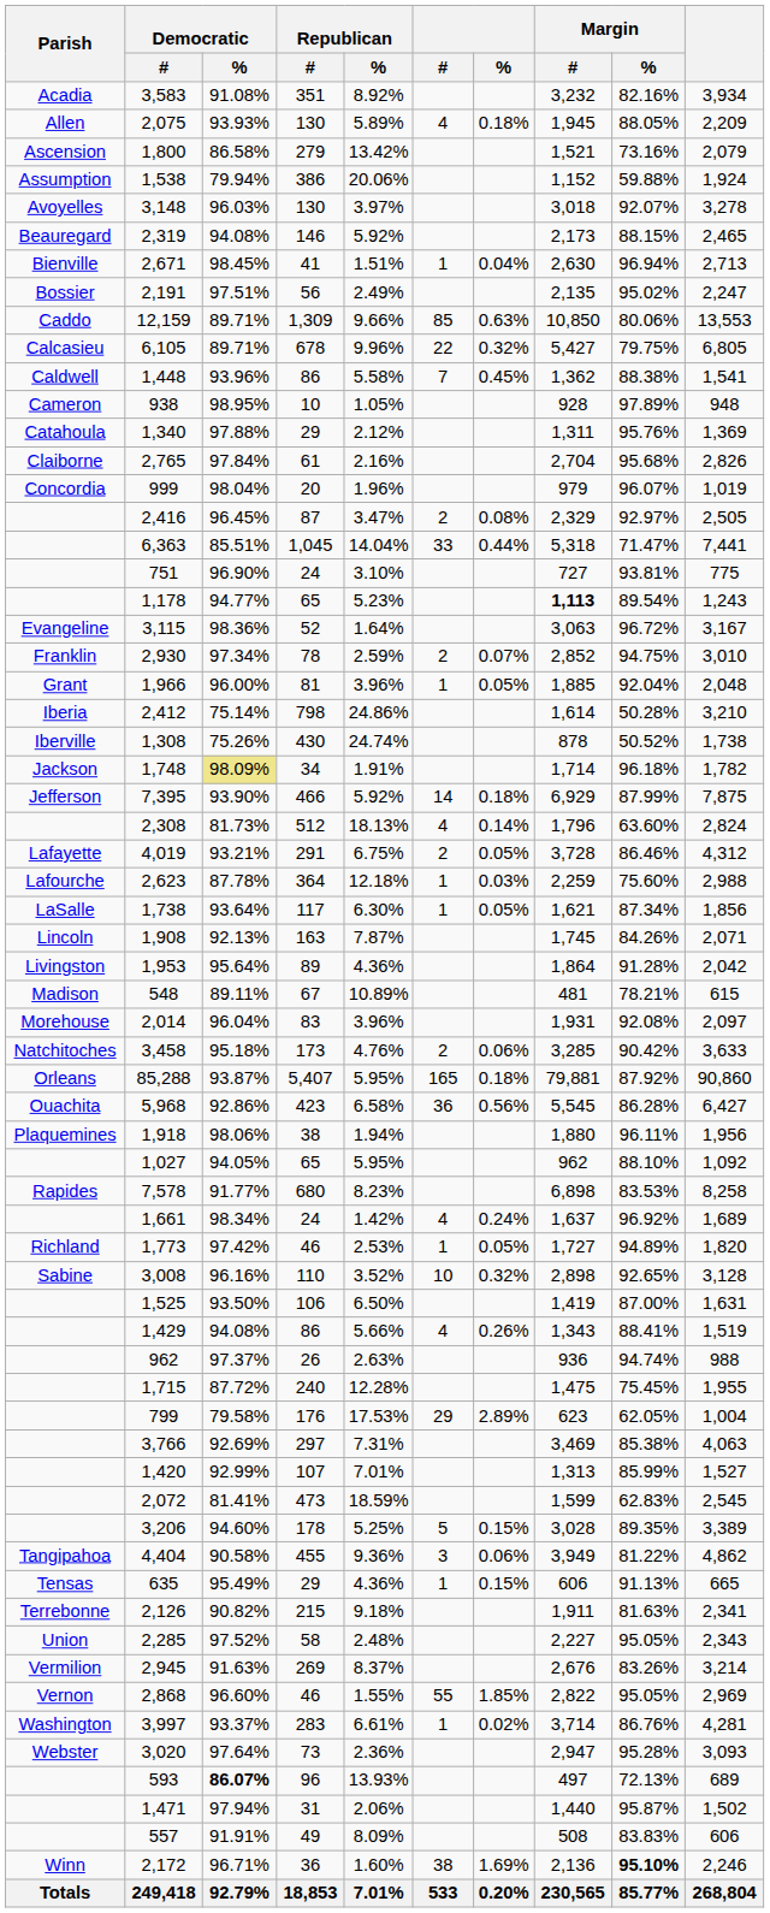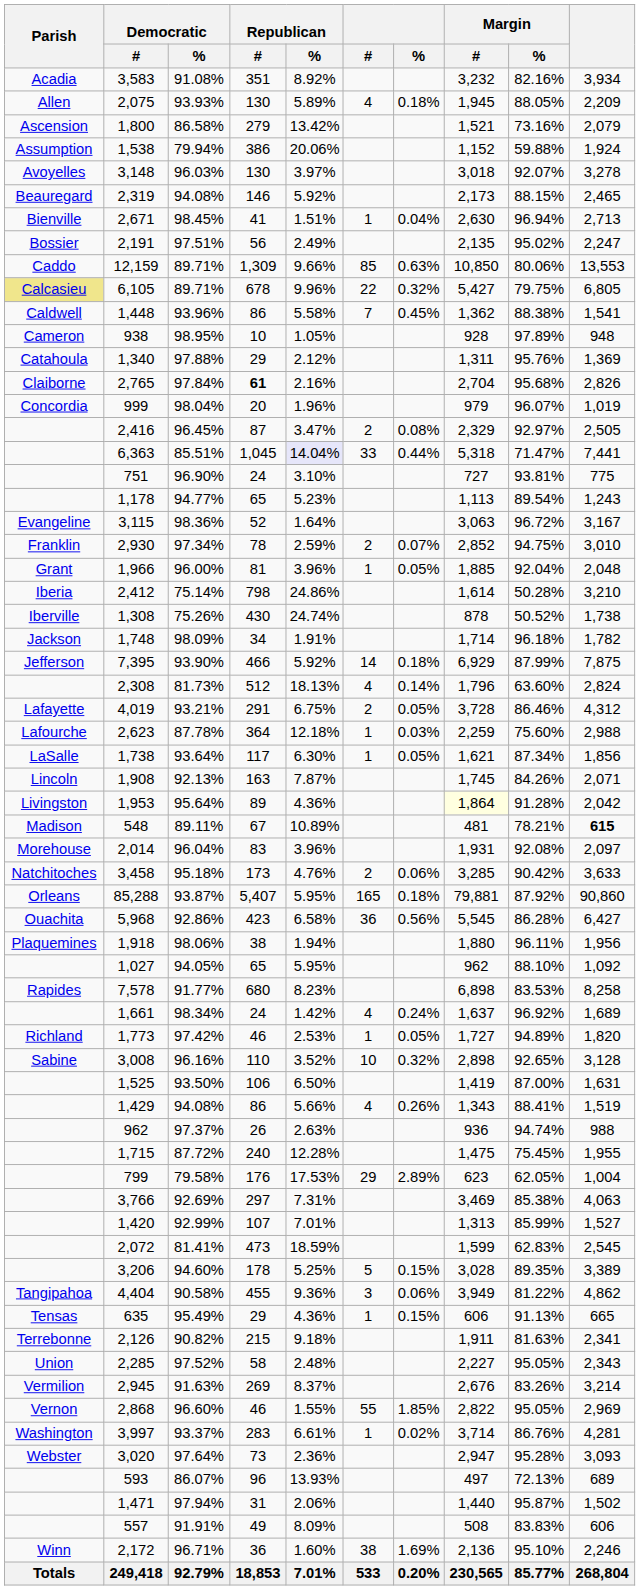 <table class="wikitable sortable mw-collapsible mw-collapsed">
 <tr>
 <th rowspan="2">Parish</th>
 <th colspan="2"><br>Democratic</th>
 <th colspan="2"><br>Republican</th>
 <th colspan="2"><br></th>
 <th colspan="2">Margin</th>
 <th rowspan="2"></th>
 </tr>
 <tr style="text-align:center;">
 <th data-sort-type="number">#</th>
 <th data-sort-type="number">%</th>
 <th width="9%" data-sort-type="number">#</th>
 <th width="9%" data-sort-type="number">%</th>
 <th width="8%" data-sort-type="number">#</th>
 <th width="8%" data-sort-type="number">%</th>
 <th data-sort-type="number">#</th>
 <th data-sort-type="number">%</th>
 </tr>
 <tr style="text-align:center;">
 <td><a href='#'>Acadia</a></td>
 <td>3,583</td>
 <td>91.08%</td>
 <td>351</td>
 <td>8.92%</td>
 <td></td>
 <td></td>
 <td>3,232</td>
 <td>82.16%</td>
 <td>3,934</td>
 </tr>
 <tr style="text-align:center;">
 <td><a href='#'>Allen</a></td>
 <td>2,075</td>
 <td>93.93%</td>
 <td>130</td>
 <td>5.89%</td>
 <td>4</td>
 <td>0.18%</td>
 <td>1,945</td>
 <td>88.05%</td>
 <td>2,209</td>
 </tr>
 <tr style="text-align:center;">
 <td><a href='#'>Ascension</a></td>
 <td>1,800</td>
 <td>86.58%</td>
 <td>279</td>
 <td>13.42%</td>
 <td></td>
 <td></td>
 <td>1,521</td>
 <td>73.16%</td>
 <td>2,079</td>
 </tr>
 <tr style="text-align:center;">
 <td><a href='#'>Assumption</a></td>
 <td>1,538</td>
 <td>79.94%</td>
 <td>386</td>
 <td>20.06%</td>
 <td></td>
 <td></td>
 <td>1,152</td>
 <td>59.88%</td>
 <td>1,924</td>
 </tr>
 <tr style="text-align:center;">
 <td><a href='#'>Avoyelles</a></td>
 <td>3,148</td>
 <td>96.03%</td>
 <td>130</td>
 <td>3.97%</td>
 <td></td>
 <td></td>
 <td>3,018</td>
 <td>92.07%</td>
 <td>3,278</td>
 </tr>
 <tr style="text-align:center;">
 <td><a href='#'>Beauregard</a></td>
 <td>2,319</td>
 <td>94.08%</td>
 <td>146</td>
 <td>5.92%</td>
 <td></td>
 <td></td>
 <td>2,173</td>
 <td>88.15%</td>
 <td>2,465</td>
 </tr>
 <tr style="text-align:center;">
 <td><a href='#'>Bienville</a></td>
 <td>2,671</td>
 <td>98.45%</td>
 <td>41</td>
 <td>1.51%</td>
 <td>1</td>
 <td>0.04%</td>
 <td>2,630</td>
 <td>96.94%</td>
 <td>2,713</td>
 </tr>
 <tr style="text-align:center;">
 <td><a href='#'>Bossier</a></td>
 <td>2,191</td>
 <td>97.51%</td>
 <td>56</td>
 <td>2.49%</td>
 <td></td>
 <td></td>
 <td>2,135</td>
 <td>95.02%</td>
 <td>2,247</td>
 </tr>
 <tr style="text-align:center;">
 <td><a href='#'>Caddo</a></td>
 <td>12,159</td>
 <td>89.71%</td>
 <td>1,309</td>
 <td>9.66%</td>
 <td>85</td>
 <td>0.63%</td>
 <td>10,850</td>
 <td>80.06%</td>
 <td>13,553</td>
 </tr>
 <tr style="text-align:center;">
-<td><a href='#'>Calcasieu</a></td>
+<td style="background: khaki;"><a href='#'>Calcasieu</a></td>
 <td>6,105</td>
 <td>89.71%</td>
 <td>678</td>
 <td>9.96%</td>
 <td>22</td>
 <td>0.32%</td>
 <td>5,427</td>
 <td>79.75%</td>
 <td>6,805</td>
 </tr>
 <tr style="text-align:center;">
 <td><a href='#'>Caldwell</a></td>
 <td>1,448</td>
 <td>93.96%</td>
 <td>86</td>
 <td>5.58%</td>
 <td>7</td>
 <td>0.45%</td>
 <td>1,362</td>
 <td>88.38%</td>
 <td>1,541</td>
 </tr>
 <tr style="text-align:center;">
 <td><a href='#'>Cameron</a></td>
 <td>938</td>
 <td>98.95%</td>
 <td>10</td>
 <td>1.05%</td>
 <td></td>
 <td></td>
 <td>928</td>
 <td>97.89%</td>
 <td>948</td>
 </tr>
 <tr style="text-align:center;">
 <td><a href='#'>Catahoula</a></td>
 <td>1,340</td>
 <td>97.88%</td>
 <td>29</td>
 <td>2.12%</td>
 <td></td>
 <td></td>
 <td>1,311</td>
 <td>95.76%</td>
 <td>1,369</td>
 </tr>
 <tr style="text-align:center;">
 <td><a href='#'>Claiborne</a></td>
 <td>2,765</td>
 <td>97.84%</td>
-<td>61</td>
+<td><strong>61</strong></td>
 <td>2.16%</td>
 <td></td>
 <td></td>
 <td>2,704</td>
 <td>95.68%</td>
 <td>2,826</td>
 </tr>
 <tr style="text-align:center;">
 <td><a href='#'>Concordia</a></td>
 <td>999</td>
 <td>98.04%</td>
 <td>20</td>
 <td>1.96%</td>
 <td></td>
 <td></td>
 <td>979</td>
 <td>96.07%</td>
 <td>1,019</td>
 </tr>
 <tr style="text-align:center;">
 <td></td>
 <td>2,416</td>
 <td>96.45%</td>
 <td>87</td>
 <td>3.47%</td>
 <td>2</td>
 <td>0.08%</td>
 <td>2,329</td>
 <td>92.97%</td>
 <td>2,505</td>
 </tr>
 <tr style="text-align:center;">
 <td></td>
 <td>6,363</td>
 <td>85.51%</td>
 <td>1,045</td>
-<td>14.04%</td>
+<td style="background: lavender;">14.04%</td>
 <td>33</td>
 <td>0.44%</td>
 <td>5,318</td>
 <td>71.47%</td>
 <td>7,441</td>
 </tr>
 <tr style="text-align:center;">
 <td></td>
 <td>751</td>
 <td>96.90%</td>
 <td>24</td>
 <td>3.10%</td>
 <td></td>
 <td></td>
 <td>727</td>
 <td>93.81%</td>
 <td>775</td>
 </tr>
 <tr style="text-align:center;">
 <td></td>
 <td>1,178</td>
 <td>94.77%</td>
 <td>65</td>
 <td>5.23%</td>
 <td></td>
 <td></td>
-<td><strong>1,113</strong></td>
+<td>1,113</td>
 <td>89.54%</td>
 <td>1,243</td>
 </tr>
 <tr style="text-align:center;">
 <td><a href='#'>Evangeline</a></td>
 <td>3,115</td>
 <td>98.36%</td>
 <td>52</td>
 <td>1.64%</td>
 <td></td>
 <td></td>
 <td>3,063</td>
 <td>96.72%</td>
 <td>3,167</td>
 </tr>
 <tr style="text-align:center;">
 <td><a href='#'>Franklin</a></td>
 <td>2,930</td>
 <td>97.34%</td>
 <td>78</td>
 <td>2.59%</td>
 <td>2</td>
 <td>0.07%</td>
 <td>2,852</td>
 <td>94.75%</td>
 <td>3,010</td>
 </tr>
 <tr style="text-align:center;">
 <td><a href='#'>Grant</a></td>
 <td>1,966</td>
 <td>96.00%</td>
 <td>81</td>
 <td>3.96%</td>
 <td>1</td>
 <td>0.05%</td>
 <td>1,885</td>
 <td>92.04%</td>
 <td>2,048</td>
 </tr>
 <tr style="text-align:center;">
 <td><a href='#'>Iberia</a></td>
 <td>2,412</td>
 <td>75.14%</td>
 <td>798</td>
 <td>24.86%</td>
 <td></td>
 <td></td>
 <td>1,614</td>
 <td>50.28%</td>
 <td>3,210</td>
 </tr>
 <tr style="text-align:center;">
 <td><a href='#'>Iberville</a></td>
 <td>1,308</td>
 <td>75.26%</td>
 <td>430</td>
 <td>24.74%</td>
 <td></td>
 <td></td>
 <td>878</td>
 <td>50.52%</td>
 <td>1,738</td>
 </tr>
 <tr style="text-align:center;">
 <td><a href='#'>Jackson</a></td>
 <td>1,748</td>
-<td style="background: khaki;">98.09%</td>
+<td>98.09%</td>
 <td>34</td>
 <td>1.91%</td>
 <td></td>
 <td></td>
 <td>1,714</td>
 <td>96.18%</td>
 <td>1,782</td>
 </tr>
 <tr style="text-align:center;">
 <td><a href='#'>Jefferson</a></td>
 <td>7,395</td>
 <td>93.90%</td>
 <td>466</td>
 <td>5.92%</td>
 <td>14</td>
 <td>0.18%</td>
 <td>6,929</td>
 <td>87.99%</td>
 <td>7,875</td>
 </tr>
 <tr style="text-align:center;">
 <td></td>
 <td>2,308</td>
 <td>81.73%</td>
 <td>512</td>
 <td>18.13%</td>
 <td>4</td>
 <td>0.14%</td>
 <td>1,796</td>
 <td>63.60%</td>
 <td>2,824</td>
 </tr>
 <tr style="text-align:center;">
 <td><a href='#'>Lafayette</a></td>
 <td>4,019</td>
 <td>93.21%</td>
 <td>291</td>
 <td>6.75%</td>
 <td>2</td>
 <td>0.05%</td>
 <td>3,728</td>
 <td>86.46%</td>
 <td>4,312</td>
 </tr>
 <tr style="text-align:center;">
 <td><a href='#'>Lafourche</a></td>
 <td>2,623</td>
 <td>87.78%</td>
 <td>364</td>
 <td>12.18%</td>
 <td>1</td>
 <td>0.03%</td>
 <td>2,259</td>
 <td>75.60%</td>
 <td>2,988</td>
 </tr>
 <tr style="text-align:center;">
 <td><a href='#'>LaSalle</a></td>
 <td>1,738</td>
 <td>93.64%</td>
 <td>117</td>
 <td>6.30%</td>
 <td>1</td>
 <td>0.05%</td>
 <td>1,621</td>
 <td>87.34%</td>
 <td>1,856</td>
 </tr>
 <tr style="text-align:center;">
 <td><a href='#'>Lincoln</a></td>
 <td>1,908</td>
 <td>92.13%</td>
 <td>163</td>
 <td>7.87%</td>
 <td></td>
 <td></td>
 <td>1,745</td>
 <td>84.26%</td>
 <td>2,071</td>
 </tr>
 <tr style="text-align:center;">
 <td><a href='#'>Livingston</a></td>
 <td>1,953</td>
 <td>95.64%</td>
 <td>89</td>
 <td>4.36%</td>
 <td></td>
 <td></td>
-<td>1,864</td>
+<td style="background: lightyellow;">1,864</td>
 <td>91.28%</td>
 <td>2,042</td>
 </tr>
 <tr style="text-align:center;">
 <td><a href='#'>Madison</a></td>
 <td>548</td>
 <td>89.11%</td>
 <td>67</td>
 <td>10.89%</td>
 <td></td>
 <td></td>
 <td>481</td>
 <td>78.21%</td>
-<td>615</td>
+<td><strong>615</strong></td>
 </tr>
 <tr style="text-align:center;">
 <td><a href='#'>Morehouse</a></td>
 <td>2,014</td>
 <td>96.04%</td>
 <td>83</td>
 <td>3.96%</td>
 <td></td>
 <td></td>
 <td>1,931</td>
 <td>92.08%</td>
 <td>2,097</td>
 </tr>
 <tr style="text-align:center;">
 <td><a href='#'>Natchitoches</a></td>
 <td>3,458</td>
 <td>95.18%</td>
 <td>173</td>
 <td>4.76%</td>
 <td>2</td>
 <td>0.06%</td>
 <td>3,285</td>
 <td>90.42%</td>
 <td>3,633</td>
 </tr>
 <tr style="text-align:center;">
 <td><a href='#'>Orleans</a></td>
 <td>85,288</td>
 <td>93.87%</td>
 <td>5,407</td>
 <td>5.95%</td>
 <td>165</td>
 <td>0.18%</td>
 <td>79,881</td>
 <td>87.92%</td>
 <td>90,860</td>
 </tr>
 <tr style="text-align:center;">
 <td><a href='#'>Ouachita</a></td>
 <td>5,968</td>
 <td>92.86%</td>
 <td>423</td>
 <td>6.58%</td>
 <td>36</td>
 <td>0.56%</td>
 <td>5,545</td>
 <td>86.28%</td>
 <td>6,427</td>
 </tr>
 <tr style="text-align:center;">
 <td><a href='#'>Plaquemines</a></td>
 <td>1,918</td>
 <td>98.06%</td>
 <td>38</td>
 <td>1.94%</td>
 <td></td>
 <td></td>
 <td>1,880</td>
 <td>96.11%</td>
 <td>1,956</td>
 </tr>
 <tr style="text-align:center;">
 <td></td>
 <td>1,027</td>
 <td>94.05%</td>
 <td>65</td>
 <td>5.95%</td>
 <td></td>
 <td></td>
 <td>962</td>
 <td>88.10%</td>
 <td>1,092</td>
 </tr>
 <tr style="text-align:center;">
 <td><a href='#'>Rapides</a></td>
 <td>7,578</td>
 <td>91.77%</td>
 <td>680</td>
 <td>8.23%</td>
 <td></td>
 <td></td>
 <td>6,898</td>
 <td>83.53%</td>
 <td>8,258</td>
 </tr>
 <tr style="text-align:center;">
 <td></td>
 <td>1,661</td>
 <td>98.34%</td>
 <td>24</td>
 <td>1.42%</td>
 <td>4</td>
 <td>0.24%</td>
 <td>1,637</td>
 <td>96.92%</td>
 <td>1,689</td>
 </tr>
 <tr style="text-align:center;">
 <td><a href='#'>Richland</a></td>
 <td>1,773</td>
 <td>97.42%</td>
 <td>46</td>
 <td>2.53%</td>
 <td>1</td>
 <td>0.05%</td>
 <td>1,727</td>
 <td>94.89%</td>
 <td>1,820</td>
 </tr>
 <tr style="text-align:center;">
 <td><a href='#'>Sabine</a></td>
 <td>3,008</td>
 <td>96.16%</td>
 <td>110</td>
 <td>3.52%</td>
 <td>10</td>
 <td>0.32%</td>
 <td>2,898</td>
 <td>92.65%</td>
 <td>3,128</td>
 </tr>
 <tr style="text-align:center;">
 <td></td>
 <td>1,525</td>
 <td>93.50%</td>
 <td>106</td>
 <td>6.50%</td>
 <td></td>
 <td></td>
 <td>1,419</td>
 <td>87.00%</td>
 <td>1,631</td>
 </tr>
 <tr style="text-align:center;">
 <td></td>
 <td>1,429</td>
 <td>94.08%</td>
 <td>86</td>
 <td>5.66%</td>
 <td>4</td>
 <td>0.26%</td>
 <td>1,343</td>
 <td>88.41%</td>
 <td>1,519</td>
 </tr>
 <tr style="text-align:center;">
 <td></td>
 <td>962</td>
 <td>97.37%</td>
 <td>26</td>
 <td>2.63%</td>
 <td></td>
 <td></td>
 <td>936</td>
 <td>94.74%</td>
 <td>988</td>
 </tr>
 <tr style="text-align:center;">
 <td></td>
 <td>1,715</td>
 <td>87.72%</td>
 <td>240</td>
 <td>12.28%</td>
 <td></td>
 <td></td>
 <td>1,475</td>
 <td>75.45%</td>
 <td>1,955</td>
 </tr>
 <tr style="text-align:center;">
 <td></td>
 <td>799</td>
 <td>79.58%</td>
 <td>176</td>
 <td>17.53%</td>
 <td>29</td>
 <td>2.89%</td>
 <td>623</td>
 <td>62.05%</td>
 <td>1,004</td>
 </tr>
 <tr style="text-align:center;">
 <td></td>
 <td>3,766</td>
 <td>92.69%</td>
 <td>297</td>
 <td>7.31%</td>
 <td></td>
 <td></td>
 <td>3,469</td>
 <td>85.38%</td>
 <td>4,063</td>
 </tr>
 <tr style="text-align:center;">
 <td></td>
 <td>1,420</td>
 <td>92.99%</td>
 <td>107</td>
 <td>7.01%</td>
 <td></td>
 <td></td>
 <td>1,313</td>
 <td>85.99%</td>
 <td>1,527</td>
 </tr>
 <tr style="text-align:center;">
 <td></td>
 <td>2,072</td>
 <td>81.41%</td>
 <td>473</td>
 <td>18.59%</td>
 <td></td>
 <td></td>
 <td>1,599</td>
 <td>62.83%</td>
 <td>2,545</td>
 </tr>
 <tr style="text-align:center;">
 <td></td>
 <td>3,206</td>
 <td>94.60%</td>
 <td>178</td>
 <td>5.25%</td>
 <td>5</td>
 <td>0.15%</td>
 <td>3,028</td>
 <td>89.35%</td>
 <td>3,389</td>
 </tr>
 <tr style="text-align:center;">
 <td><a href='#'>Tangipahoa</a></td>
 <td>4,404</td>
 <td>90.58%</td>
 <td>455</td>
 <td>9.36%</td>
 <td>3</td>
 <td>0.06%</td>
 <td>3,949</td>
 <td>81.22%</td>
 <td>4,862</td>
 </tr>
 <tr style="text-align:center;">
 <td><a href='#'>Tensas</a></td>
 <td>635</td>
 <td>95.49%</td>
 <td>29</td>
 <td>4.36%</td>
 <td>1</td>
 <td>0.15%</td>
 <td>606</td>
 <td>91.13%</td>
 <td>665</td>
 </tr>
 <tr style="text-align:center;">
 <td><a href='#'>Terrebonne</a></td>
 <td>2,126</td>
 <td>90.82%</td>
 <td>215</td>
 <td>9.18%</td>
 <td></td>
 <td></td>
 <td>1,911</td>
 <td>81.63%</td>
 <td>2,341</td>
 </tr>
 <tr style="text-align:center;">
 <td><a href='#'>Union</a></td>
 <td>2,285</td>
 <td>97.52%</td>
 <td>58</td>
 <td>2.48%</td>
 <td></td>
 <td></td>
 <td>2,227</td>
 <td>95.05%</td>
 <td>2,343</td>
 </tr>
 <tr style="text-align:center;">
 <td><a href='#'>Vermilion</a></td>
 <td>2,945</td>
 <td>91.63%</td>
 <td>269</td>
 <td>8.37%</td>
 <td></td>
 <td></td>
 <td>2,676</td>
 <td>83.26%</td>
 <td>3,214</td>
 </tr>
 <tr style="text-align:center;">
 <td><a href='#'>Vernon</a></td>
 <td>2,868</td>
 <td>96.60%</td>
 <td>46</td>
 <td>1.55%</td>
 <td>55</td>
 <td>1.85%</td>
 <td>2,822</td>
 <td>95.05%</td>
 <td>2,969</td>
 </tr>
 <tr style="text-align:center;">
 <td><a href='#'>Washington</a></td>
 <td>3,997</td>
 <td>93.37%</td>
 <td>283</td>
 <td>6.61%</td>
 <td>1</td>
 <td>0.02%</td>
 <td>3,714</td>
 <td>86.76%</td>
 <td>4,281</td>
 </tr>
 <tr style="text-align:center;">
 <td><a href='#'>Webster</a></td>
 <td>3,020</td>
 <td>97.64%</td>
 <td>73</td>
 <td>2.36%</td>
 <td></td>
 <td></td>
 <td>2,947</td>
 <td>95.28%</td>
 <td>3,093</td>
 </tr>
 <tr style="text-align:center;">
 <td></td>
 <td>593</td>
-<td><strong>86.07%</strong></td>
+<td>86.07%</td>
 <td>96</td>
 <td>13.93%</td>
 <td></td>
 <td></td>
 <td>497</td>
 <td>72.13%</td>
 <td>689</td>
 </tr>
 <tr style="text-align:center;">
 <td></td>
 <td>1,471</td>
 <td>97.94%</td>
 <td>31</td>
 <td>2.06%</td>
 <td></td>
 <td></td>
 <td>1,440</td>
 <td>95.87%</td>
 <td>1,502</td>
 </tr>
 <tr style="text-align:center;">
 <td></td>
 <td>557</td>
 <td>91.91%</td>
 <td>49</td>
 <td>8.09%</td>
 <td></td>
 <td></td>
 <td>508</td>
 <td>83.83%</td>
 <td>606</td>
 </tr>
 <tr style="text-align:center;">
 <td><a href='#'>Winn</a></td>
 <td>2,172</td>
 <td>96.71%</td>
 <td>36</td>
 <td>1.60%</td>
 <td>38</td>
 <td>1.69%</td>
 <td>2,136</td>
-<td><strong>95.10%</strong></td>
+<td>95.10%</td>
 <td>2,246</td>
 </tr>
 <tr style="text-align:center;">
 <th>Totals</th>
 <th>249,418</th>
 <th>92.79%</th>
 <th>18,853</th>
 <th>7.01%</th>
 <th>533</th>
 <th>0.20%</th>
 <th>230,565</th>
 <th>85.77%</th>
 <th>268,804</th>
 </tr>
 </table>
